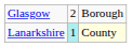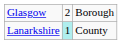 <table class="wikitable sortable">
 <tr>
 <td><a href='#'>Glasgow</a></td>
 <td>2</td>
 <td>Borough</td>
 </tr>
 <tr>
 <td><a href='#'>Lanarkshire</a></td>
 <td align="center" style="background: paleturquoise;">1</td>
-<td style="background: lightyellow;">County</td>
+<td>County</td>
 </tr>
 </table>
